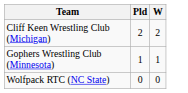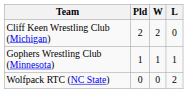 <table class="wikitable" style="text-align:center">
 <tr>
 <th style="width:200px;">Team</th>
 <th width="20">Pld</th>
 <th width="20">W</th>
+<th width="20">L</th>
 </tr>
 <tr style="background:">
 <td align=left>Cliff Keen Wrestling Club (<a href='#'>Michigan</a>)</td>
 <td>2</td>
 <td>2</td>
+<td>0</td>
 </tr>
 <tr style="background:">
 <td align=left>Gophers Wrestling Club (<a href='#'>Minnesota</a>)</td>
+<td>1</td>
 <td>1</td>
 <td>1</td>
 </tr>
 <tr style="background:">
 <td align=left>Wolfpack RTC (<a href='#'>NC State</a>)</td>
 <td>0</td>
 <td>0</td>
+<td>2</td>
 </tr>
 </table>
